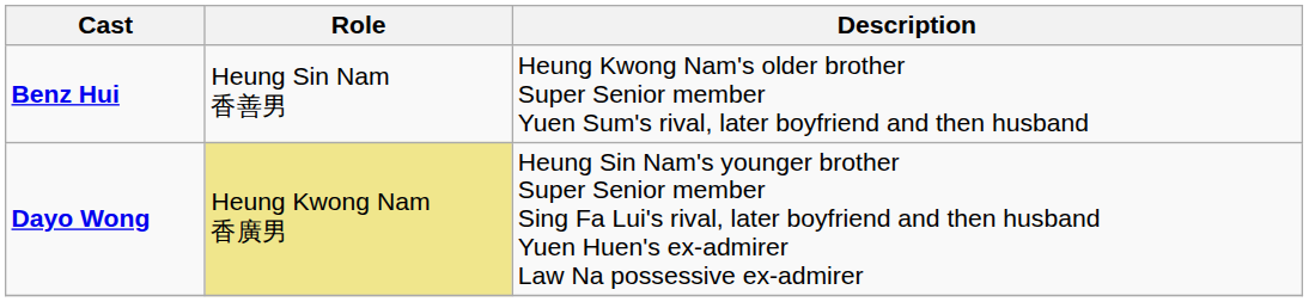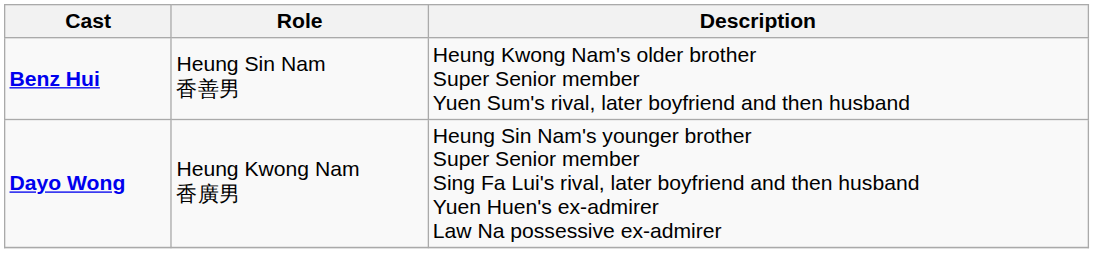 <table class="wikitable" width="65%">
 <tr>
 <th>Cast</th>
 <th>Role</th>
 <th>Description</th>
 </tr>
 <tr>
 <td><strong><a href='#'>Benz Hui</a></strong></td>
 <td>Heung Sin Nam<br>香善男</td>
 <td>Heung Kwong Nam's older brother<br>Super Senior member<br>Yuen Sum's rival, later boyfriend and then husband<br></td>
 </tr>
 <tr>
 <td><strong><a href='#'>Dayo Wong</a></strong></td>
-<td style="background: khaki;">Heung Kwong Nam<br>香廣男</td>
+<td>Heung Kwong Nam<br>香廣男</td>
 <td>Heung Sin Nam's younger brother<br>Super Senior member<br>Sing Fa Lui's rival, later boyfriend and then husband<br>Yuen Huen's ex-admirer<br>Law Na possessive ex-admirer<br></td>
 </tr>
 <tr>
 </tr>
 </table>
